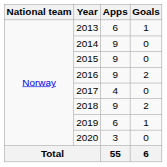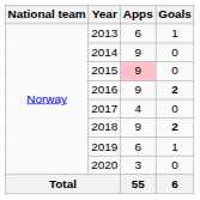 <table class="wikitable" style="text-align:center">
 <tr>
 <th>National team</th>
 <th>Year</th>
 <th>Apps</th>
 <th>Goals</th>
 </tr>
 <tr>
 <td rowspan="8"><a href='#'>Norway</a></td>
 <td>2013</td>
 <td>6</td>
 <td>1</td>
 </tr>
 <tr>
 <td>2014</td>
 <td>9</td>
 <td>0</td>
 </tr>
 <tr>
 <td>2015</td>
-<td>9</td>
+<td style="background: pink;">9</td>
 <td>0</td>
 </tr>
 <tr>
 <td>2016</td>
 <td>9</td>
-<td>2</td>
+<td><strong>2</strong></td>
 </tr>
 <tr>
 <td>2017</td>
 <td>4</td>
 <td>0</td>
 </tr>
 <tr>
 <td>2018</td>
 <td>9</td>
-<td>2</td>
+<td><strong>2</strong></td>
 </tr>
 <tr>
 <td>2019</td>
 <td>6</td>
 <td>1</td>
 </tr>
 <tr>
 <td>2020</td>
 <td>3</td>
 <td>0</td>
 </tr>
 <tr>
 <th colspan="2">Total</th>
 <th>55</th>
 <th>6</th>
 </tr>
 </table>
